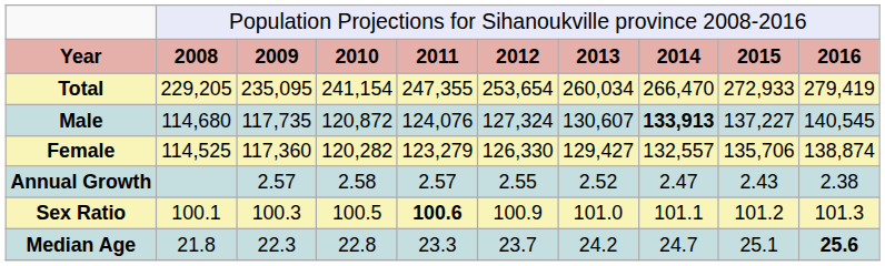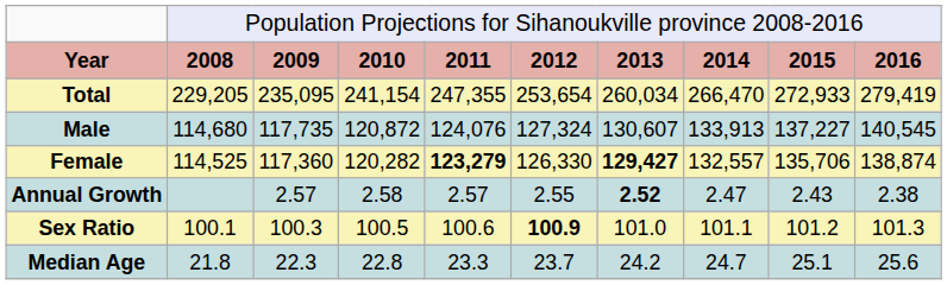 <table class="wikitable" style="margin: auto; text-align:center; font-size:90%">
 <tr>
 <td></td>
 <td colspan="22" style="text-align:center;font-size:110%;background:#E8EAFA;">Population Projections for Sihanoukville province 2008-2016</td>
 </tr>
 <tr>
 <th style="background:#e5afaa; color:#000; height:18px;">Year</th>
 <th style="background:#e5afaa; color:#000;">2008</th>
 <th style="background:#e5afaa; color:#000;">2009</th>
 <th style="background:#e5afaa; color:#000;">2010</th>
 <th style="background:#e5afaa; color:#000;">2011</th>
 <th style="background:#e5afaa; color:#000;">2012</th>
 <th style="background:#e5afaa; color:#000;">2013</th>
 <th style="background:#e5afaa; color:#000;">2014</th>
 <th style="background:#e5afaa; color:#000;">2015</th>
 <th style="background:#e5afaa; color:#000;">2016</th>
 </tr>
 <tr>
 <th style="background:#f9f4b7; color:#000; height:16px;">Total</th>
 <td style="text-align:center; background:#f9f4b7; color:#000;">229,205</td>
 <td style="text-align:center; background:#f9f4b7; color:#000;">235,095</td>
 <td style="text-align:center; background:#f9f4b7; color:#000;">241,154</td>
 <td style="text-align:center; background:#f9f4b7; color:#000;">247,355</td>
 <td style="text-align:center; background:#f9f4b7; color:#000;">253,654</td>
 <td style="text-align:center; background:#f9f4b7; color:#000;">260,034</td>
 <td style="text-align:center; background:#f9f4b7; color:#000;">266,470</td>
 <td style="text-align:center; background:#f9f4b7; color:#000;">272,933</td>
 <td style="text-align:center; background:#f9f4b7; color:#000;">279,419</td>
 </tr>
 <tr>
 <th style="background:#c5dfe1; color:#000; height:16px;">Male</th>
 <td style="text-align:center; background:#c5dfe1; color:#000;">114,680</td>
 <td style="text-align:center; background:#c5dfe1; color:#000;">117,735</td>
 <td style="text-align:center; background:#c5dfe1; color:#000;">120,872</td>
 <td style="text-align:center; background:#c5dfe1; color:#000;">124,076</td>
 <td style="text-align:center; background:#c5dfe1; color:#000;">127,324</td>
 <td style="text-align:center; background:#c5dfe1; color:#000;">130,607</td>
-<td style="text-align:center; background:#c5dfe1; color:#000;"><strong>133,913</strong></td>
+<td style="text-align:center; background:#c5dfe1; color:#000;">133,913</td>
 <td style="text-align:center; background:#c5dfe1; color:#000;">137,227</td>
 <td style="text-align:center; background:#c5dfe1; color:#000;">140,545</td>
 </tr>
 <tr>
 <th style="background:#f9f4b7; color:#000; height:16px;">Female</th>
 <td style="text-align:center; background:#f9f4b7; color:#000;">114,525</td>
 <td style="text-align:center; background:#f9f4b7; color:#000;">117,360</td>
 <td style="text-align:center; background:#f9f4b7; color:#000;">120,282</td>
-<td style="text-align:center; background:#f9f4b7; color:#000;">123,279</td>
+<td style="text-align:center; background:#f9f4b7; color:#000;"><strong>123,279</strong></td>
 <td style="text-align:center; background:#f9f4b7; color:#000;">126,330</td>
-<td style="text-align:center; background:#f9f4b7; color:#000;">129,427</td>
+<td style="text-align:center; background:#f9f4b7; color:#000;"><strong>129,427</strong></td>
 <td style="text-align:center; background:#f9f4b7; color:#000;">132,557</td>
 <td style="text-align:center; background:#f9f4b7; color:#000;">135,706</td>
 <td style="text-align:center; background:#f9f4b7; color:#000;">138,874</td>
 </tr>
 <tr>
 <th style="background:#c5dfe1; color:#000; height:16px;">Annual Growth</th>
 <td style="text-align:center; background:#c5dfe1; color:#000;"></td>
 <td style="text-align:center; background:#c5dfe1; color:#000;">2.57</td>
 <td style="text-align:center; background:#c5dfe1; color:#000;">2.58</td>
 <td style="text-align:center; background:#c5dfe1; color:#000;">2.57</td>
 <td style="text-align:center; background:#c5dfe1; color:#000;">2.55</td>
-<td style="text-align:center; background:#c5dfe1; color:#000;">2.52</td>
+<td style="text-align:center; background:#c5dfe1; color:#000;"><strong>2.52</strong></td>
 <td style="text-align:center; background:#c5dfe1; color:#000;">2.47</td>
 <td style="text-align:center; background:#c5dfe1; color:#000;">2.43</td>
 <td style="text-align:center; background:#c5dfe1; color:#000;">2.38</td>
 </tr>
 <tr>
 <th style="background:#f9f4b7; color:#000; height:16px;">Sex Ratio</th>
 <td style="text-align:center; background:#f9f4b7; color:#000;">100.1</td>
 <td style="text-align:center; background:#f9f4b7; color:#000;">100.3</td>
 <td style="text-align:center; background:#f9f4b7; color:#000;">100.5</td>
-<td style="text-align:center; background:#f9f4b7; color:#000;"><strong>100.6</strong></td>
-<td style="text-align:center; background:#f9f4b7; color:#000;">100.9</td>
+<td style="text-align:center; background:#f9f4b7; color:#000;">100.6</td>
+<td style="text-align:center; background:#f9f4b7; color:#000;"><strong>100.9</strong></td>
 <td style="text-align:center; background:#f9f4b7; color:#000;">101.0</td>
 <td style="text-align:center; background:#f9f4b7; color:#000;">101.1</td>
 <td style="text-align:center; background:#f9f4b7; color:#000;">101.2</td>
 <td style="text-align:center; background:#f9f4b7; color:#000;">101.3</td>
 </tr>
 <tr>
 <th style="background:#c5dfe1; color:#000; height:16px;">Median Age</th>
 <td style="text-align:center; background:#c5dfe1; color:#000;">21.8</td>
 <td style="text-align:center; background:#c5dfe1; color:#000;">22.3</td>
 <td style="text-align:center; background:#c5dfe1; color:#000;">22.8</td>
 <td style="text-align:center; background:#c5dfe1; color:#000;">23.3</td>
 <td style="text-align:center; background:#c5dfe1; color:#000;">23.7</td>
 <td style="text-align:center; background:#c5dfe1; color:#000;">24.2</td>
 <td style="text-align:center; background:#c5dfe1; color:#000;">24.7</td>
 <td style="text-align:center; background:#c5dfe1; color:#000;">25.1</td>
-<td style="text-align:center; background:#c5dfe1; color:#000;"><strong>25.6</strong></td>
+<td style="text-align:center; background:#c5dfe1; color:#000;">25.6</td>
 </tr>
 <tr>
 </tr>
 </table>
